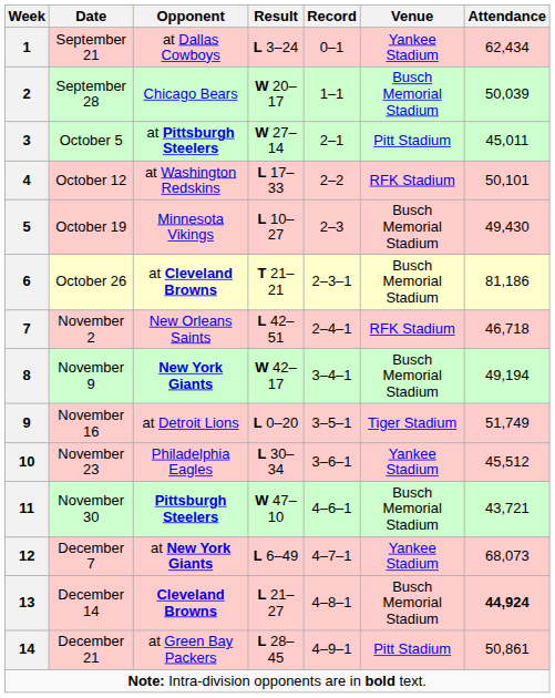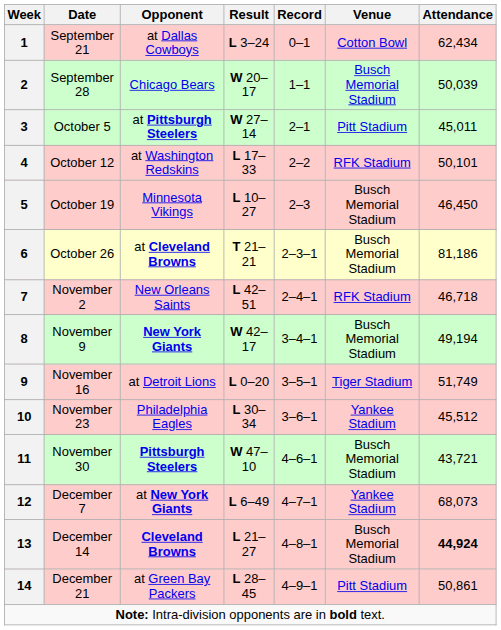 <table class="wikitable" style="text-align:center">
 <tr>
 <th>Week</th>
 <th>Date</th>
 <th>Opponent</th>
 <th>Result</th>
 <th>Record</th>
 <th>Venue</th>
 <th>Attendance</th>
 </tr>
 <tr style="background:#fcc">
 <th>1</th>
 <td>September 21</td>
 <td>at <a href='#'>Dallas Cowboys</a></td>
 <td><strong>L</strong> 3–24</td>
 <td>0–1</td>
-<td><a href='#'>Yankee Stadium</a></td>
+<td><a href='#'>Cotton Bowl</a></td>
 <td>62,434</td>
 </tr>
 <tr style="background:#cfc">
 <th>2</th>
 <td>September 28</td>
 <td><a href='#'>Chicago Bears</a></td>
 <td><strong>W</strong> 20–17</td>
 <td>1–1</td>
 <td><a href='#'>Busch Memorial Stadium</a></td>
 <td>50,039</td>
 </tr>
 <tr style="background:#cfc">
 <th>3</th>
 <td>October 5</td>
 <td>at <strong><a href='#'>Pittsburgh Steelers</a></strong></td>
 <td><strong>W</strong> 27–14</td>
 <td>2–1</td>
 <td><a href='#'>Pitt Stadium</a></td>
 <td>45,011</td>
 </tr>
 <tr style="background:#fcc">
 <th>4</th>
 <td>October 12</td>
 <td>at <a href='#'>Washington Redskins</a></td>
 <td><strong>L</strong> 17–33</td>
 <td>2–2</td>
 <td><a href='#'>RFK Stadium</a></td>
 <td>50,101</td>
 </tr>
 <tr style="background:#fcc">
 <th>5</th>
 <td>October 19</td>
 <td><a href='#'>Minnesota Vikings</a></td>
 <td><strong>L</strong> 10–27</td>
 <td>2–3</td>
 <td>Busch Memorial Stadium</td>
-<td>49,430</td>
+<td>46,450</td>
 </tr>
 <tr style="background:#ffc">
 <th>6</th>
 <td>October 26</td>
 <td>at <strong><a href='#'>Cleveland Browns</a></strong></td>
 <td><strong>T</strong> 21–21</td>
 <td>2–3–1</td>
 <td>Busch Memorial Stadium</td>
 <td>81,186</td>
 </tr>
 <tr style="background:#fcc">
 <th>7</th>
 <td>November 2</td>
 <td><a href='#'>New Orleans Saints</a></td>
 <td><strong>L</strong> 42–51</td>
 <td>2–4–1</td>
 <td><a href='#'>RFK Stadium</a></td>
 <td>46,718</td>
 </tr>
 <tr style="background:#cfc">
 <th>8</th>
 <td>November 9</td>
 <td><strong><a href='#'>New York Giants</a></strong></td>
 <td><strong>W</strong> 42–17</td>
 <td>3–4–1</td>
 <td>Busch Memorial Stadium</td>
 <td>49,194</td>
 </tr>
 <tr style="background:#fcc">
 <th>9</th>
 <td>November 16</td>
 <td>at <a href='#'>Detroit Lions</a></td>
 <td><strong>L</strong> 0–20</td>
 <td>3–5–1</td>
 <td><a href='#'>Tiger Stadium</a></td>
 <td>51,749</td>
 </tr>
 <tr style="background:#fcc">
 <th>10</th>
 <td>November 23</td>
 <td><a href='#'>Philadelphia Eagles</a></td>
 <td><strong>L</strong> 30–34</td>
 <td>3–6–1</td>
 <td><a href='#'>Yankee Stadium</a></td>
 <td>45,512</td>
 </tr>
 <tr style="background:#cfc">
 <th>11</th>
 <td>November 30</td>
 <td><strong><a href='#'>Pittsburgh Steelers</a></strong></td>
 <td><strong>W</strong> 47–10</td>
 <td>4–6–1</td>
 <td>Busch Memorial Stadium</td>
 <td>43,721</td>
 </tr>
 <tr style="background:#fcc">
 <th>12</th>
 <td>December 7</td>
 <td>at <strong><a href='#'>New York Giants</a></strong></td>
 <td><strong>L</strong> 6–49</td>
 <td>4–7–1</td>
 <td><a href='#'>Yankee Stadium</a></td>
 <td>68,073</td>
 </tr>
 <tr style="background:#fcc">
 <th>13</th>
 <td>December 14</td>
 <td><strong><a href='#'>Cleveland Browns</a></strong></td>
 <td><strong>L</strong> 21–27</td>
 <td>4–8–1</td>
 <td>Busch Memorial Stadium</td>
 <td><strong>44,924</strong></td>
 </tr>
 <tr style="background:#fcc">
 <th>14</th>
 <td>December 21</td>
 <td>at <a href='#'>Green Bay Packers</a></td>
 <td><strong>L</strong> 28–45</td>
 <td>4–9–1</td>
 <td><a href='#'>Pitt Stadium</a></td>
 <td>50,861</td>
 </tr>
 <tr>
 <td colspan="8"><strong>Note:</strong> Intra-division opponents are in <strong>bold</strong> text.</td>
 </tr>
 </table>
